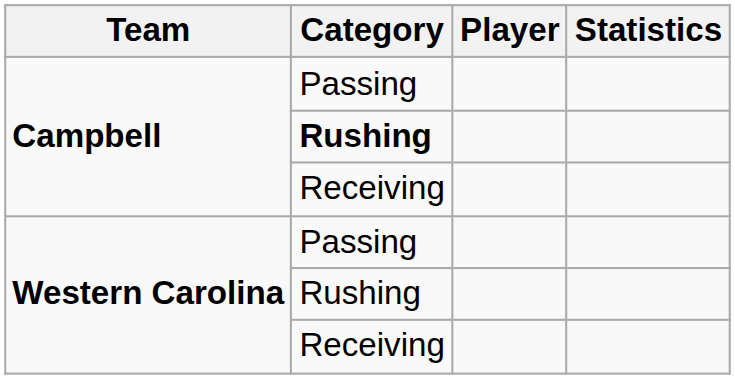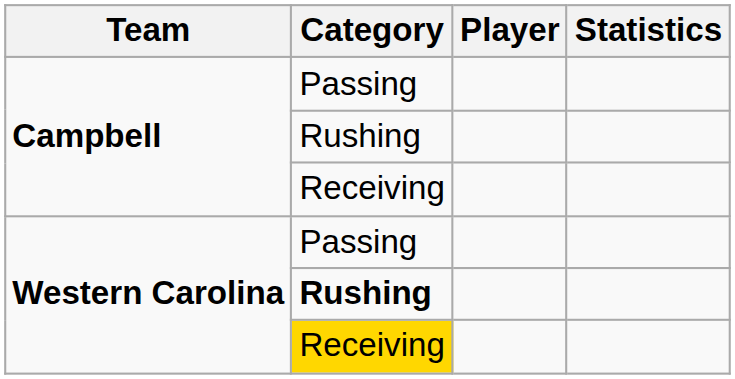 <table class="wikitable" style="float: right;">
 <tr>
 <th>Team</th>
 <th>Category</th>
 <th>Player</th>
 <th>Statistics</th>
 </tr>
 <tr>
 <td rowspan=3><strong>Campbell</strong></td>
 <td>Passing</td>
 <td></td>
 <td></td>
 </tr>
 <tr>
-<td><strong>Rushing</strong></td>
+<td>Rushing</td>
 <td></td>
 <td></td>
 </tr>
 <tr>
 <td>Receiving</td>
 <td></td>
 <td></td>
 </tr>
 <tr>
 <td rowspan=3><strong>Western Carolina</strong></td>
 <td>Passing</td>
 <td></td>
 <td></td>
 </tr>
 <tr>
-<td>Rushing</td>
+<td><strong>Rushing</strong></td>
 <td></td>
 <td></td>
 </tr>
 <tr>
-<td>Receiving</td>
+<td style="background: gold;">Receiving</td>
 <td></td>
 <td></td>
 </tr>
 </table>
